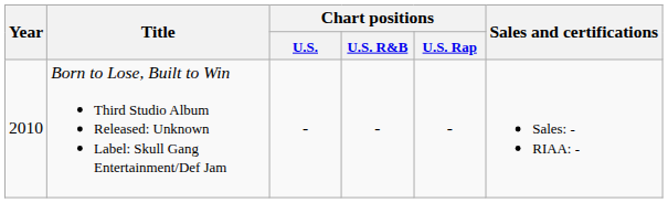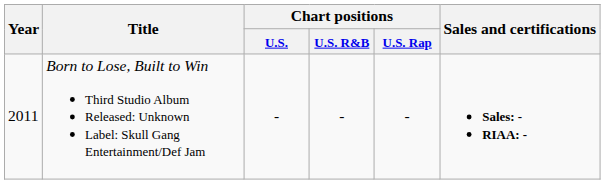 <table class="wikitable">
 <tr>
 <th rowspan="2">Year</th>
 <th rowspan="2" width="200">Title</th>
 <th colspan="3">Chart positions</th>
 <th rowspan="2">Sales and certifications</th>
 </tr>
 <tr>
 <th width="60"><small><a href='#'>U.S.</a></small></th>
 <th width="60"><small><a href='#'>U.S. R&B</a></small></th>
 <th width="60"><small><a href='#'>U.S. Rap</a></small></th>
 </tr>
 <tr>
-<td>2010</td>
+<td>2011</td>
 <td><em>Born to Lose, Built to Win</em><br><ul><li><small>Third Studio Album</small></li><li><small>Released: Unknown</small></li><li><small>Label: Skull Gang Entertainment/Def Jam</small></li></ul></td>
 <td align="center">-</td>
 <td align="center">-</td>
 <td align="center">-</td>
-<td align="left"><br><ul><li><small>Sales: -</small></li><li><small>RIAA: -</small></li></ul></td>
+<td align="left"><strong><br><ul><li><small>Sales: -</small></li><li><small>RIAA: -</small></li></ul></strong></td>
 </tr>
 </table>
